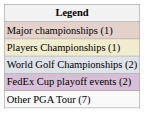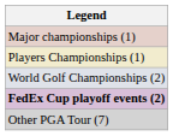 <table class="wikitable" style="font-size:95%;">
 <tr>
 <th>Legend</th>
 </tr>
 <tr style="background:#e5d1cb;">
 <td>Major championships (1)</td>
 </tr>
 <tr style="background:#f2ecce;">
 <td>Players Championships (1)</td>
 </tr>
 <tr style="background:#dfe2e9;">
 <td>World Golf Championships (2)</td>
 </tr>
 <tr style="background:thistle;">
-<td>FedEx Cup playoff events (2)</td>
+<td><strong>FedEx Cup playoff events (2)</strong></td>
 </tr>
 <tr>
-<td>Other PGA Tour (7)</td>
+<td style="background: lightgrey;">Other PGA Tour (7)</td>
 </tr>
 </table>
